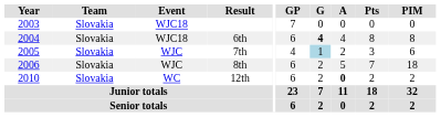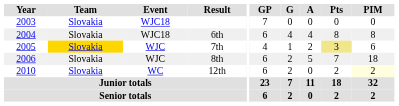 <table border="0" cellpadding="1" cellspacing="0" ID="Table3" style="text-align:center; width:40em">
 <tr ALIGN="center" bgcolor="#e0e0e0">
 <th>Year</th>
 <th>Team</th>
 <th>Event</th>
 <th>Result</th>
 <th rowspan="99" bgcolor="#ffffff"></th>
 <th>GP</th>
 <th>G</th>
 <th>A</th>
 <th>Pts</th>
 <th>PIM</th>
 </tr>
 <tr>
 <td><a href='#'>2003</a></td>
 <td><a href='#'>Slovakia</a></td>
 <td><a href='#'>WJC18</a></td>
 <td></td>
 <td>7</td>
 <td>0</td>
 <td>0</td>
 <td>0</td>
 <td>0</td>
 </tr>
 <tr bgcolor="#f0f0f0">
 <td><a href='#'>2004</a></td>
 <td>Slovakia</td>
 <td>WJC18</td>
 <td>6th</td>
 <td>6</td>
-<td><strong>4</strong></td>
+<td>4</td>
 <td>4</td>
 <td>8</td>
 <td>8</td>
 </tr>
 <tr>
 <td><a href='#'>2005</a></td>
-<td><a href='#'>Slovakia</a></td>
+<td style="background: gold;"><a href='#'>Slovakia</a></td>
 <td><a href='#'>WJC</a></td>
 <td>7th</td>
 <td>4</td>
-<td style="background: lightblue;">1</td>
+<td>1</td>
 <td>2</td>
-<td>3</td>
+<td style="background: khaki;">3</td>
 <td>6</td>
 </tr>
 <tr bgcolor="#f0f0f0">
 <td><a href='#'>2006</a></td>
 <td>Slovakia</td>
 <td>WJC</td>
 <td>8th</td>
 <td>6</td>
 <td>2</td>
 <td>5</td>
 <td>7</td>
 <td>18</td>
 </tr>
 <tr>
 <td><a href='#'>2010</a></td>
 <td><a href='#'>Slovakia</a></td>
 <td><a href='#'>WC</a></td>
 <td>12th</td>
 <td>6</td>
 <td>2</td>
-<td><strong>0</strong></td>
+<td>0</td>
 <td>2</td>
-<td>2</td>
+<td style="background: lightyellow;">2</td>
 </tr>
 <tr bgcolor="#e0e0e0">
 <th colspan=4>Junior totals</th>
 <th>23</th>
 <th>7</th>
 <th>11</th>
 <th>18</th>
 <th>32</th>
 </tr>
 <tr bgcolor="#e0e0e0">
 <th colspan=4>Senior totals</th>
 <th>6</th>
 <th>2</th>
 <th>0</th>
 <th>2</th>
 <th>2</th>
 </tr>
 </table>
